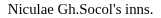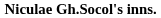 <table align="center" cellpadding=0px cellspacing=8px>
 <tr>
 <td></td>
 <td></td>
 <td></td>
 </tr>
 <tr>
-<td><small>Niculae Gh.Socol's inns.</small></td>
+<td><strong><small>Niculae Gh.Socol's inns.</small></strong></td>
 </tr>
 </table>
